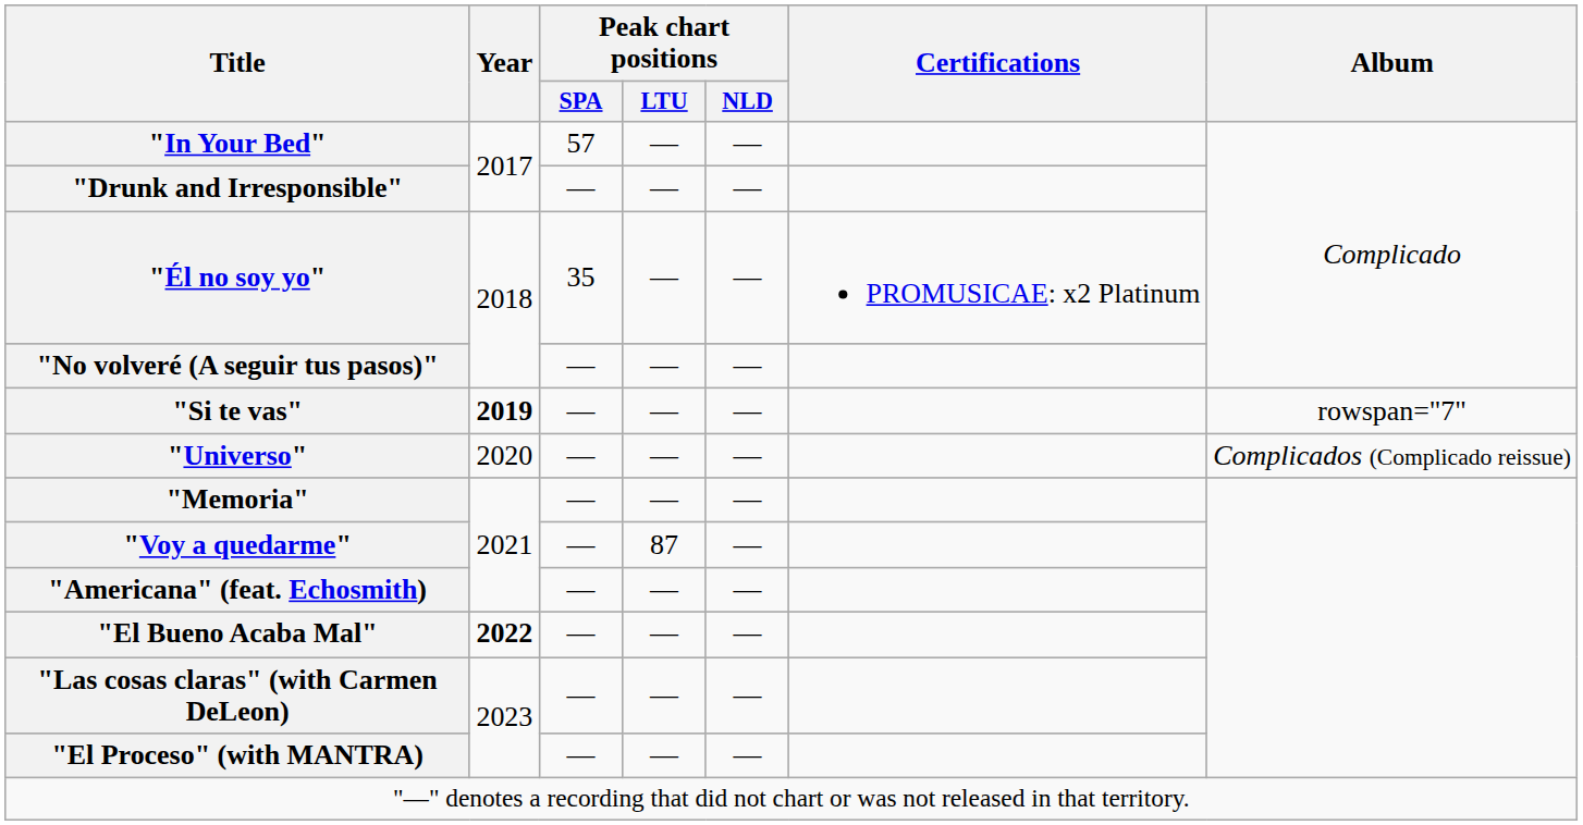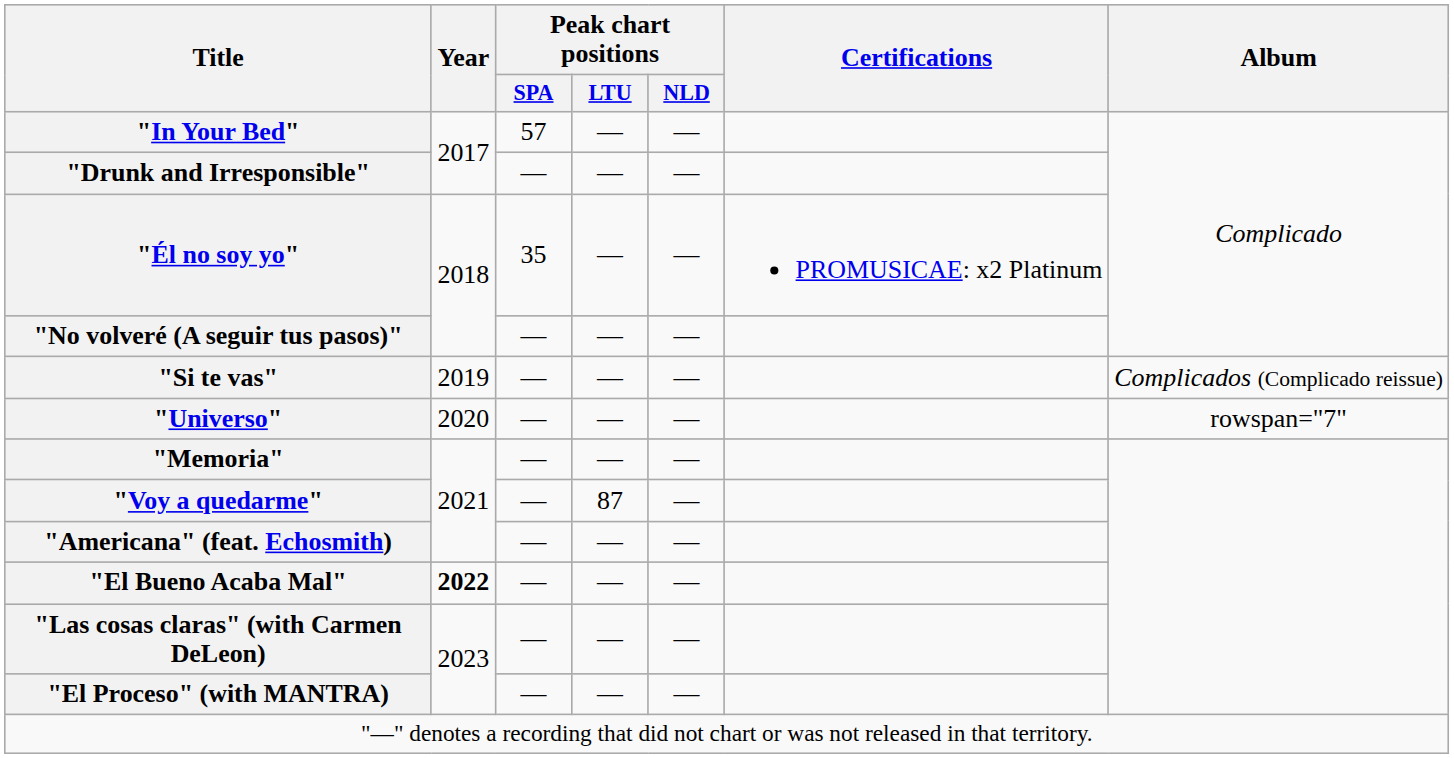 <table class="wikitable plainrowheaders" style="text-align:center;">
 <tr>
 <th rowspan="2" scope="col" style="width:16em;">Title</th>
 <th rowspan="2" scope="col" style="width:1em;">Year</th>
 <th colspan="3" scope="col">Peak chart positions</th>
 <th rowspan="2" scope="col"><a href='#'>Certifications</a></th>
 <th rowspan="2" scope="col">Album</th>
 </tr>
 <tr>
 <th scope="col" style="width:3em;font-size:85%;"><a href='#'>SPA</a><br></th>
 <th scope="col" style="width:3em;font-size:85%;"><a href='#'>LTU</a><br></th>
 <th scope="col" style="width:3em;font-size:85%;"><a href='#'>NLD</a><br></th>
 </tr>
 <tr>
 <th scope="row">"<a href='#'>In Your Bed</a>"</th>
 <td rowspan="2">2017</td>
 <td>57</td>
 <td>—</td>
 <td>—</td>
 <td></td>
 <td rowspan="4"><em>Complicado</em></td>
 </tr>
 <tr>
 <th scope="row">"Drunk and Irresponsible"</th>
 <td>—</td>
 <td>—</td>
 <td>—</td>
 <td></td>
 </tr>
 <tr>
 <th scope="row">"<a href='#'>Él no soy yo</a>"</th>
 <td rowspan="2">2018</td>
 <td>35</td>
 <td>—</td>
 <td>—</td>
 <td><br><ul><li><a href='#'>PROMUSICAE</a>: x2 Platinum</li></ul></td>
 </tr>
 <tr>
 <th scope="row">"No volveré (A seguir tus pasos)"</th>
 <td>—</td>
 <td>—</td>
 <td>—</td>
 <td></td>
 </tr>
 <tr>
 <th scope="row">"Si te vas"</th>
-<td><strong>2019</strong></td>
+<td>2019</td>
 <td>—</td>
 <td>—</td>
 <td>—</td>
 <td></td>
-<td>rowspan="7" </td>
+<td><em>Complicados</em> <small>(Complicado reissue)</small></td>
 </tr>
 <tr>
 <th scope="row">"<a href='#'>Universo</a>"</th>
 <td>2020</td>
 <td>—</td>
 <td>—</td>
 <td>—</td>
 <td></td>
-<td><em>Complicados</em> <small>(Complicado reissue)</small></td>
+<td>rowspan="7" </td>
 </tr>
 <tr>
 <th scope="row">"Memoria"</th>
 <td rowspan="3">2021</td>
 <td>—</td>
 <td>—</td>
 <td>—</td>
 <td></td>
 </tr>
 <tr>
 <th scope="row">"<a href='#'>Voy a quedarme</a>"</th>
 <td>—</td>
 <td>87</td>
 <td>—</td>
 <td></td>
 </tr>
 <tr>
 <th scope="row">"Americana" (feat. <a href='#'>Echosmith</a>)</th>
 <td>—</td>
 <td>—</td>
 <td>—</td>
 <td></td>
 </tr>
 <tr>
 <th scope="row">"El Bueno Acaba Mal"</th>
 <td><strong>2022</strong></td>
 <td>—</td>
 <td>—</td>
 <td>—</td>
 <td></td>
 </tr>
 <tr>
 <th scope="row">"Las cosas claras" (with Carmen DeLeon)</th>
 <td rowspan="2">2023</td>
 <td>—</td>
 <td>—</td>
 <td>—</td>
 <td></td>
 </tr>
 <tr>
 <th scope="row">"El Proceso" (with MANTRA)</th>
 <td>—</td>
 <td>—</td>
 <td>—</td>
 <td></td>
 </tr>
 <tr>
 <td colspan="10" style="font-size:90%">"—" denotes a recording that did not chart or was not released in that territory.</td>
 </tr>
 </table>
